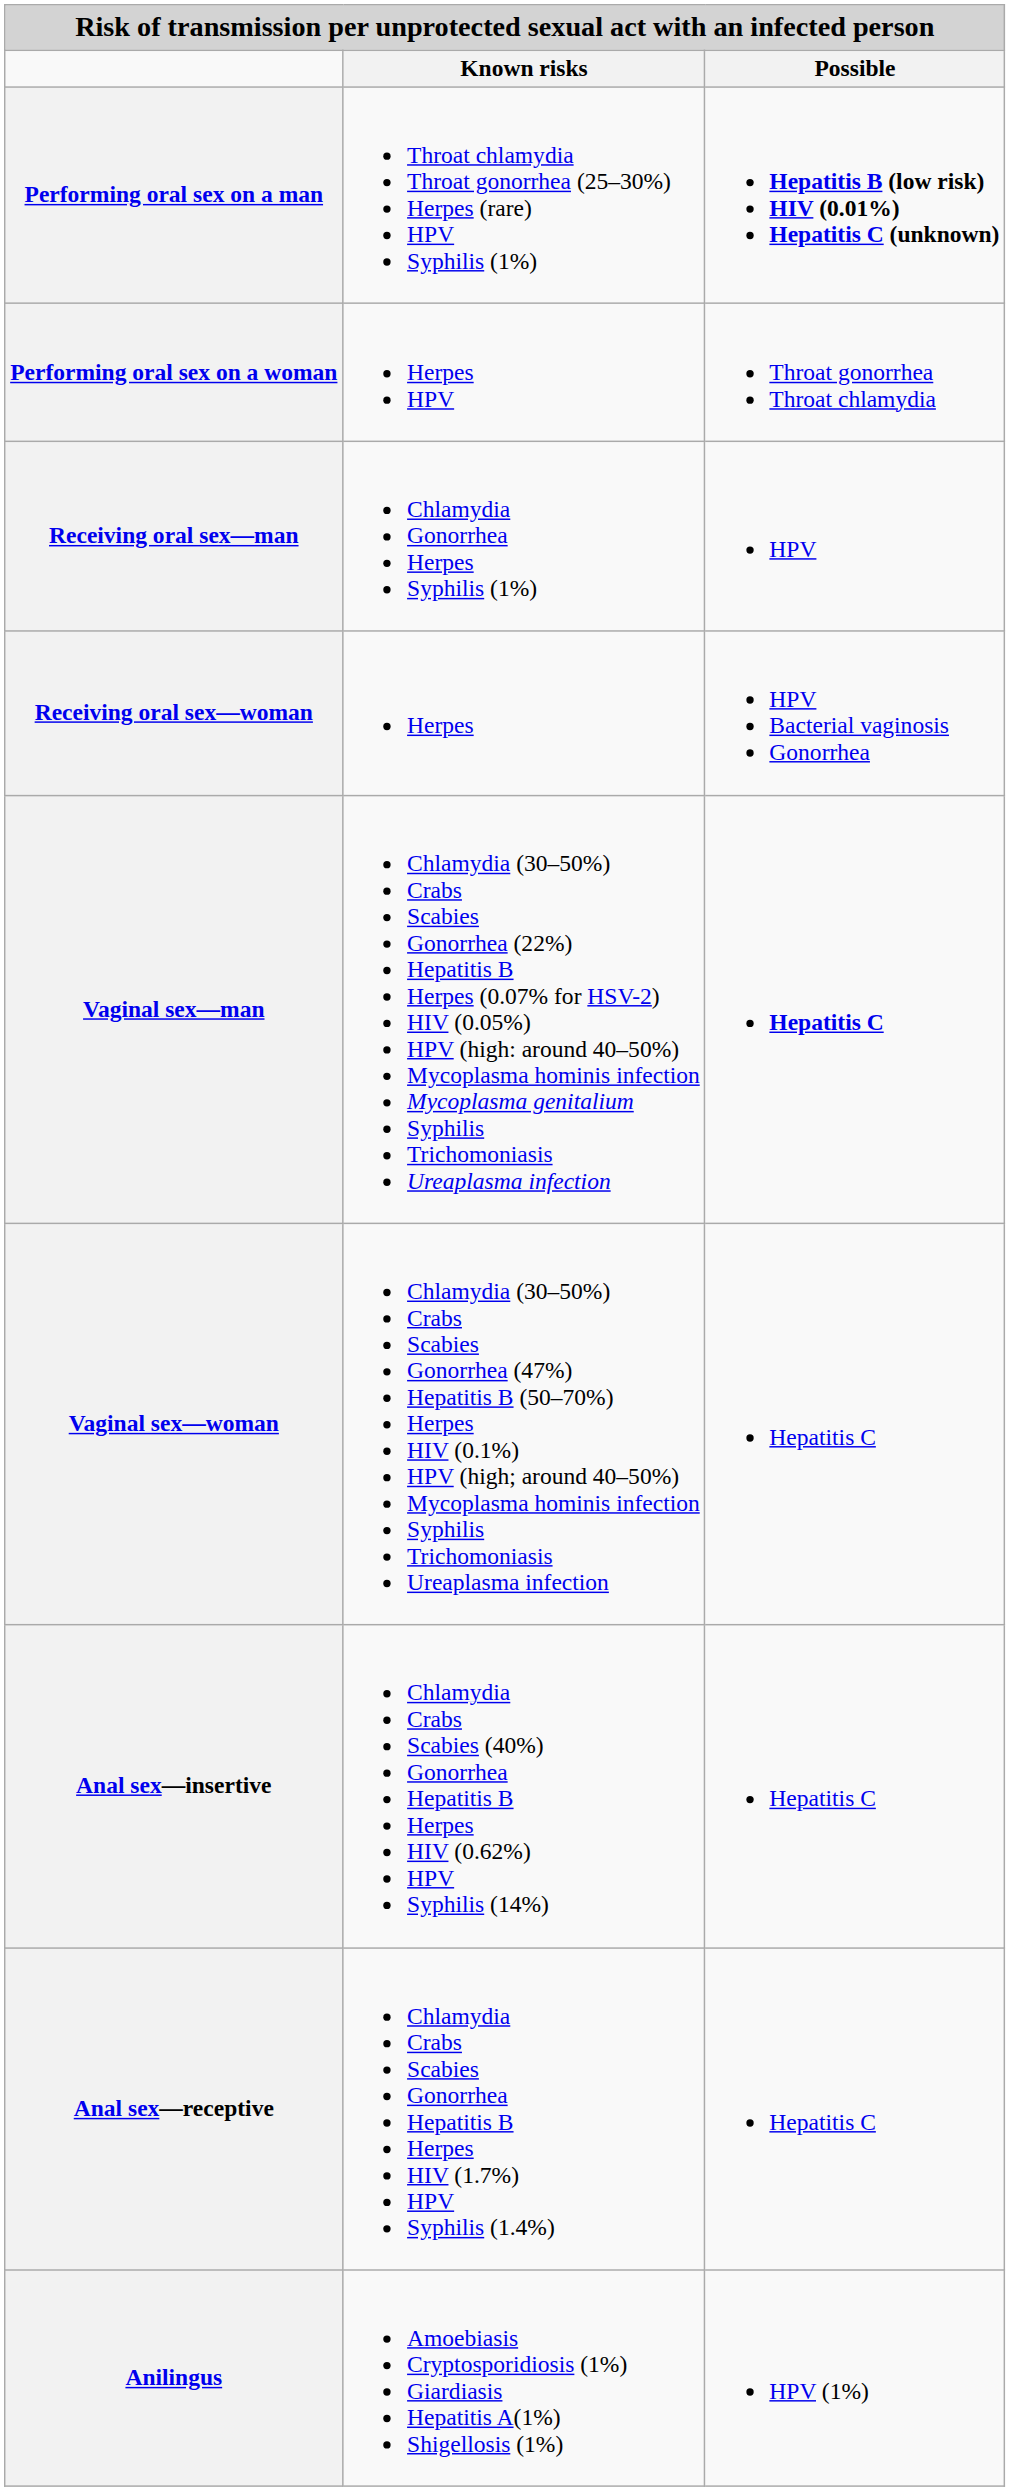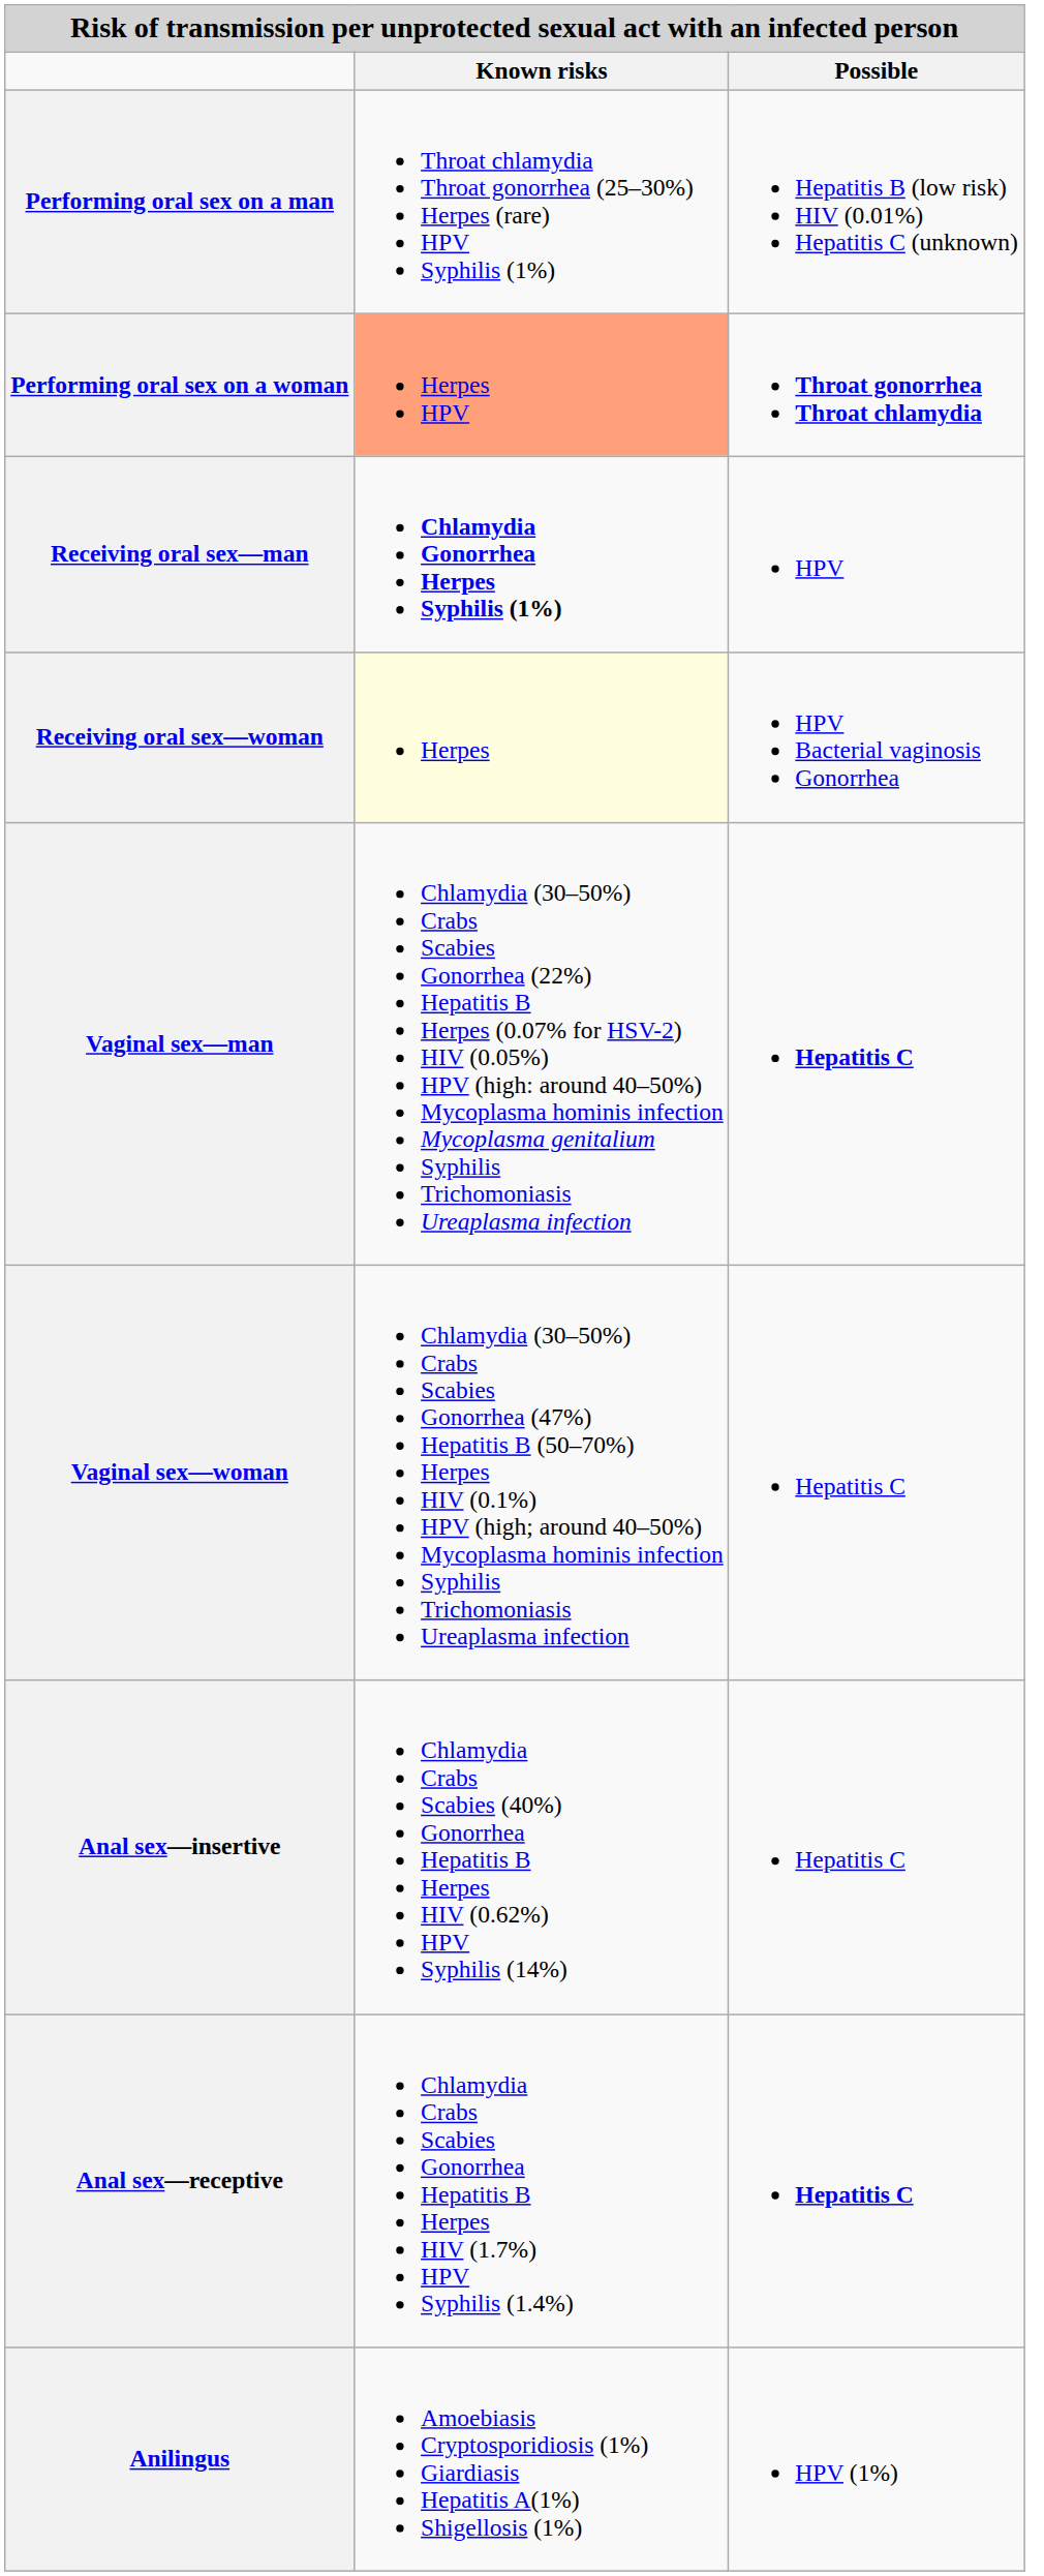 <table class="wikitable" style = "float: text-align:center">
 <tr>
 <th colspan="4" style="background:lightgrey; font-size:120%;">Risk of transmission per unprotected sexual act with an infected person</th>
 </tr>
 <tr>
 <td></td>
 <th scope="col">Known risks</th>
 <th scope="col">Possible</th>
 </tr>
 <tr>
 <th scope="row"><a href='#'>Performing oral sex on a man</a></th>
 <td><br><ul><li><a href='#'>Throat chlamydia</a></li><li><a href='#'>Throat gonorrhea</a> (25–30%)</li><li><a href='#'>Herpes</a> (rare)</li><li><a href='#'>HPV</a></li><li><a href='#'>Syphilis</a> (1%)</li></ul></td>
-<td><strong><br><ul><li><a href='#'>Hepatitis B</a> (low risk)</li><li><a href='#'>HIV</a> (0.01%)</li><li><a href='#'>Hepatitis C</a> (unknown)</li></ul></strong></td>
+<td><br><ul><li><a href='#'>Hepatitis B</a> (low risk)</li><li><a href='#'>HIV</a> (0.01%)</li><li><a href='#'>Hepatitis C</a> (unknown)</li></ul></td>
 </tr>
 <tr>
 <th scope="row"><a href='#'>Performing oral sex on a woman</a></th>
-<td><br><ul><li><a href='#'>Herpes</a></li><li><a href='#'>HPV</a></li></ul></td>
-<td><br><ul><li><a href='#'>Throat gonorrhea</a></li><li><a href='#'>Throat chlamydia</a></li></ul></td>
+<td style="background: lightsalmon;"><br><ul><li><a href='#'>Herpes</a></li><li><a href='#'>HPV</a></li></ul></td>
+<td><strong><br><ul><li><a href='#'>Throat gonorrhea</a></li><li><a href='#'>Throat chlamydia</a></li></ul></strong></td>
 </tr>
 <tr>
 <th scope="row"><a href='#'>Receiving oral sex—man</a></th>
-<td><br><ul><li><a href='#'>Chlamydia</a></li><li><a href='#'>Gonorrhea</a></li><li><a href='#'>Herpes</a></li><li><a href='#'>Syphilis</a> (1%)</li></ul></td>
+<td><strong><br><ul><li><a href='#'>Chlamydia</a></li><li><a href='#'>Gonorrhea</a></li><li><a href='#'>Herpes</a></li><li><a href='#'>Syphilis</a> (1%)</li></ul></strong></td>
 <td><br><ul><li><a href='#'>HPV</a></li></ul></td>
 </tr>
 <tr>
 <th scope="row"><a href='#'>Receiving oral sex—woman</a></th>
-<td><br><ul><li><a href='#'>Herpes</a></li></ul></td>
+<td style="background: lightyellow;"><br><ul><li><a href='#'>Herpes</a></li></ul></td>
 <td><br><ul><li><a href='#'>HPV</a></li><li><a href='#'>Bacterial vaginosis</a></li><li><a href='#'>Gonorrhea</a></li></ul></td>
 </tr>
 <tr>
 <th scope="row"><a href='#'>Vaginal sex—man</a></th>
 <td><br><ul><li><a href='#'>Chlamydia</a> (30–50%)</li><li><a href='#'>Crabs</a></li><li><a href='#'>Scabies</a></li><li><a href='#'>Gonorrhea</a> (22%)</li><li><a href='#'>Hepatitis B</a></li><li><a href='#'>Herpes</a> (0.07% for <a href='#'>HSV-2</a>)</li><li><a href='#'>HIV</a> (0.05%)</li><li><a href='#'>HPV</a> (high: around 40–50%)</li><li><a href='#'>Mycoplasma hominis infection</a></li><li><em><a href='#'>Mycoplasma genitalium</a></em></li><li><a href='#'>Syphilis</a></li><li><a href='#'>Trichomoniasis</a></li><li><em><a href='#'>Ureaplasma infection</a></em></li></ul></td>
 <td><strong><br><ul><li><a href='#'>Hepatitis C</a></li></ul></strong></td>
 </tr>
 <tr>
 <th scope="row"><a href='#'>Vaginal sex—woman</a></th>
 <td><br><ul><li><a href='#'>Chlamydia</a> (30–50%)</li><li><a href='#'>Crabs</a></li><li><a href='#'>Scabies</a></li><li><a href='#'>Gonorrhea</a> (47%)</li><li><a href='#'>Hepatitis B</a> (50–70%)</li><li><a href='#'>Herpes</a></li><li><a href='#'>HIV</a> (0.1%)</li><li><a href='#'>HPV</a> (high; around 40–50%)</li><li><a href='#'>Mycoplasma hominis infection</a></li><li><a href='#'>Syphilis</a></li><li><a href='#'>Trichomoniasis</a></li><li><a href='#'>Ureaplasma infection</a></li></ul></td>
 <td><br><ul><li><a href='#'>Hepatitis C</a></li></ul></td>
 </tr>
 <tr>
 <th scope="row"><a href='#'>Anal sex</a>—insertive</th>
 <td><br><ul><li><a href='#'>Chlamydia</a></li><li><a href='#'>Crabs</a></li><li><a href='#'>Scabies</a> (40%)</li><li><a href='#'>Gonorrhea</a></li><li><a href='#'>Hepatitis B</a></li><li><a href='#'>Herpes</a></li><li><a href='#'>HIV</a> (0.62%)</li><li><a href='#'>HPV</a></li><li><a href='#'>Syphilis</a> (14%)</li></ul></td>
 <td><br><ul><li><a href='#'>Hepatitis C</a></li></ul></td>
 </tr>
 <tr>
 <th scope="row"><a href='#'>Anal sex</a>—receptive</th>
 <td><br><ul><li><a href='#'>Chlamydia</a></li><li><a href='#'>Crabs</a></li><li><a href='#'>Scabies</a></li><li><a href='#'>Gonorrhea</a></li><li><a href='#'>Hepatitis B</a></li><li><a href='#'>Herpes</a></li><li><a href='#'>HIV</a> (1.7%)</li><li><a href='#'>HPV</a></li><li><a href='#'>Syphilis</a> (1.4%)</li></ul></td>
-<td><br><ul><li><a href='#'>Hepatitis C</a></li></ul></td>
+<td><strong><br><ul><li><a href='#'>Hepatitis C</a></li></ul></strong></td>
 </tr>
 <tr>
 <th scope="row"><a href='#'>Anilingus</a></th>
 <td><br><ul><li><a href='#'>Amoebiasis</a></li><li><a href='#'>Cryptosporidiosis</a> (1%)</li><li><a href='#'>Giardiasis</a></li><li><a href='#'>Hepatitis A</a>(1%)</li><li><a href='#'>Shigellosis</a> (1%)</li></ul></td>
 <td><br><ul><li><a href='#'>HPV</a> (1%)</li></ul></td>
 </tr>
 </table>
